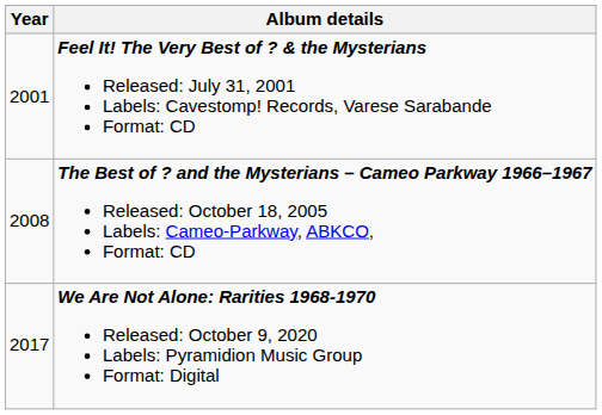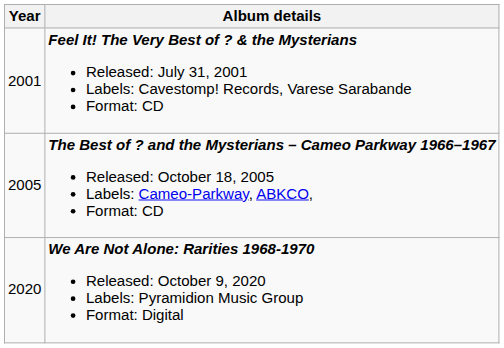 <table class="wikitable">
 <tr>
 <th>Year</th>
 <th>Album details</th>
 </tr>
 <tr>
 <td>2001</td>
 <td><strong><em>Feel It! The Very Best of ? & the Mysterians</em></strong><br><ul><li>Released: July 31, 2001</li><li>Labels: Cavestomp! Records, Varese Sarabande </li><li>Format: CD</li></ul></td>
 </tr>
 <tr>
-<td>2008</td>
+<td>2005</td>
 <td><strong><em>The Best of ? and the Mysterians – Cameo Parkway 1966–1967</em></strong><br><ul><li>Released: October 18, 2005</li><li>Labels: <a href='#'>Cameo-Parkway</a>, <a href='#'>ABKCO</a>, </li><li>Format: CD</li></ul></td>
 </tr>
 <tr>
-<td>2017</td>
+<td>2020</td>
 <td><strong><em>We Are Not Alone: Rarities 1968-1970</em></strong><br><ul><li>Released: October 9, 2020</li><li>Labels: Pyramidion Music Group</li><li>Format: Digital</li></ul></td>
 </tr>
 </table>
